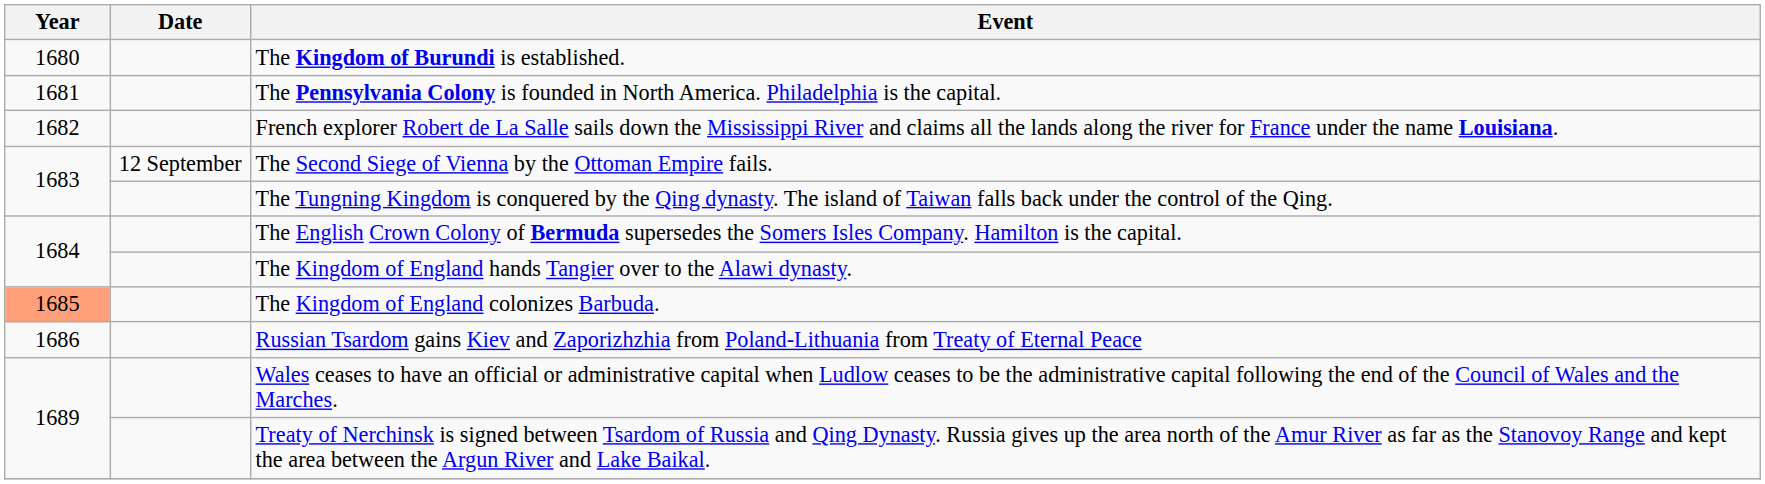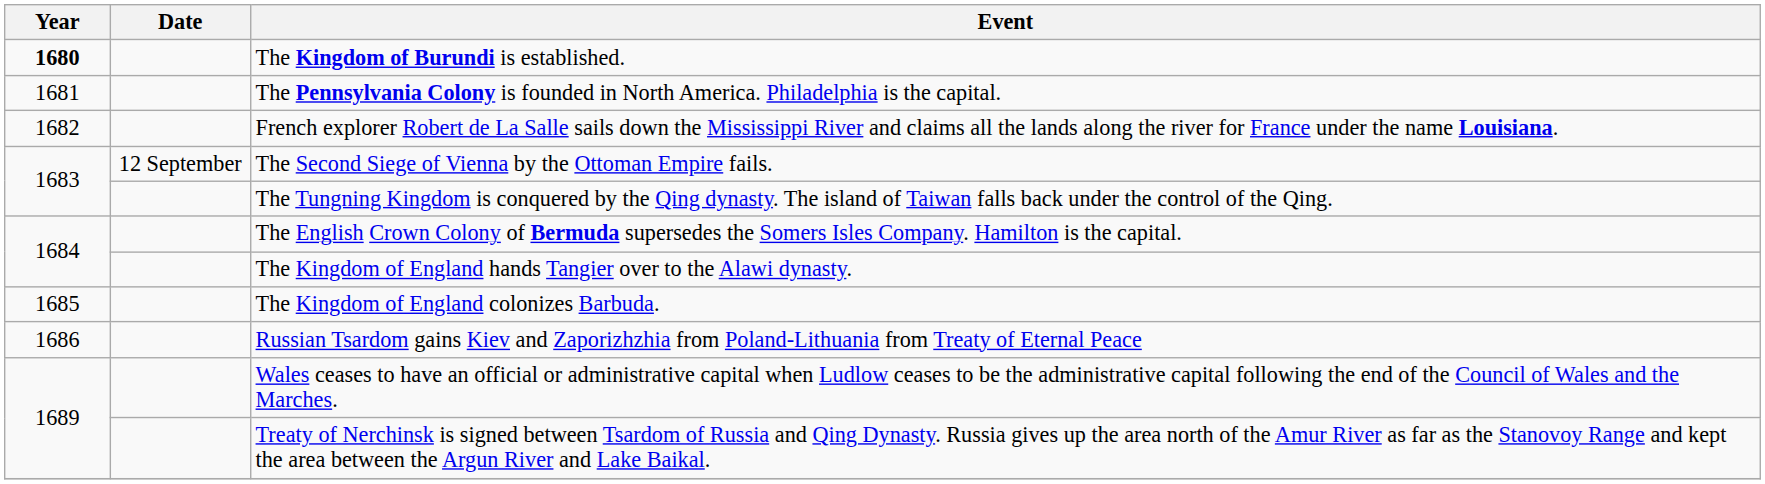 <table class=wikitable style="width:100%;">
 <tr>
 <th style="width:6%">Year</th>
 <th style="width:8%">Date</th>
 <th style="width:86%">Event</th>
 </tr>
 <tr>
-<td align=center>1680</td>
+<td align=center><strong>1680</strong></td>
 <td></td>
 <td>The <strong><a href='#'>Kingdom of Burundi</a></strong> is established.</td>
 </tr>
 <tr>
 <td align=center>1681</td>
 <td></td>
 <td>The <strong><a href='#'>Pennsylvania Colony</a></strong> is founded in North America. <a href='#'>Philadelphia</a> is the capital.</td>
 </tr>
 <tr>
 <td align=center>1682</td>
 <td></td>
 <td>French explorer <a href='#'>Robert de La Salle</a> sails down the <a href='#'>Mississippi River</a> and claims all the lands along the river for <a href='#'>France</a> under the name <strong><a href='#'>Louisiana</a></strong>.</td>
 </tr>
 <tr>
 <td rowspan=2 align=center>1683</td>
 <td align=center>12 September</td>
 <td>The <a href='#'>Second Siege of Vienna</a> by the <a href='#'>Ottoman Empire</a> fails.</td>
 </tr>
 <tr>
 <td></td>
 <td>The <a href='#'>Tungning Kingdom</a> is conquered by the <a href='#'>Qing dynasty</a>. The island of <a href='#'>Taiwan</a> falls back under the control of the Qing.</td>
 </tr>
 <tr>
 <td rowspan=2 align=center>1684</td>
 <td></td>
 <td>The <a href='#'>English</a> <a href='#'>Crown Colony</a> of <strong><a href='#'>Bermuda</a></strong> supersedes the <a href='#'>Somers Isles Company</a>. <a href='#'>Hamilton</a> is the capital.</td>
 </tr>
 <tr>
 <td></td>
 <td>The <a href='#'>Kingdom of England</a> hands <a href='#'>Tangier</a> over to the <a href='#'>Alawi dynasty</a>.</td>
 </tr>
 <tr>
-<td align=center style="background: lightsalmon;">1685</td>
+<td align=center>1685</td>
 <td></td>
 <td>The <a href='#'>Kingdom of England</a> colonizes <a href='#'>Barbuda</a>.</td>
 </tr>
 <tr>
 <td align=center>1686</td>
 <td></td>
 <td><a href='#'>Russian Tsardom</a> gains <a href='#'>Kiev</a> and <a href='#'>Zaporizhzhia</a> from <a href='#'>Poland-Lithuania</a> from <a href='#'>Treaty of Eternal Peace</a></td>
 </tr>
 <tr>
 <td rowspan="2" align="center">1689</td>
 <td></td>
 <td><a href='#'>Wales</a> ceases to have an official or administrative capital when <a href='#'>Ludlow</a> ceases to be the administrative capital following the end of the <a href='#'>Council of Wales and the Marches</a>.</td>
 </tr>
 <tr>
 <td></td>
 <td><a href='#'>Treaty of Nerchinsk</a> is signed between <a href='#'>Tsardom of Russia</a> and <a href='#'>Qing Dynasty</a>. Russia gives up the area north of the <a href='#'>Amur River</a> as far as the <a href='#'>Stanovoy Range</a> and kept the area between the <a href='#'>Argun River</a> and <a href='#'>Lake Baikal</a>.</td>
 </tr>
 <tr>
 </tr>
 </table>
